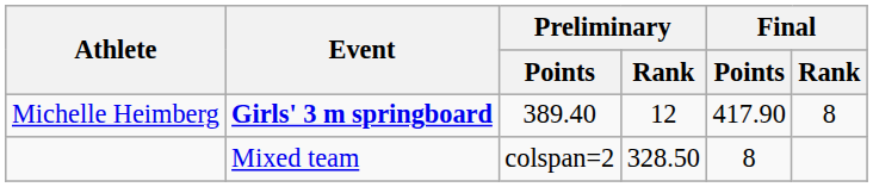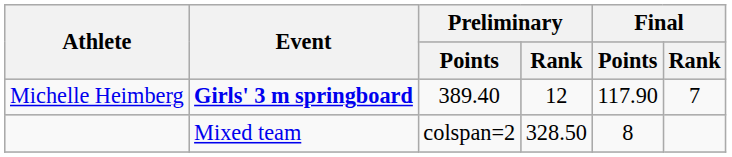 <table class="wikitable" style="text-align:center;font-size:90%">
 <tr>
 <th rowspan=2>Athlete</th>
 <th rowspan=2>Event</th>
 <th colspan=2>Preliminary</th>
 <th colspan=2>Final</th>
 </tr>
 <tr>
 <th>Points</th>
 <th>Rank</th>
 <th>Points</th>
 <th>Rank</th>
 </tr>
 <tr>
 <td align=left><a href='#'>Michelle Heimberg</a></td>
 <td align=left><strong><a href='#'>Girls' 3 m springboard</a></strong></td>
 <td>389.40</td>
 <td>12</td>
-<td>417.90</td>
-<td>8</td>
+<td>117.90</td>
+<td>7</td>
 </tr>
 <tr>
 <td align=left><br></td>
 <td align=left><a href='#'>Mixed team</a></td>
 <td>colspan=2 </td>
 <td>328.50</td>
 <td>8</td>
 </tr>
 </table>
